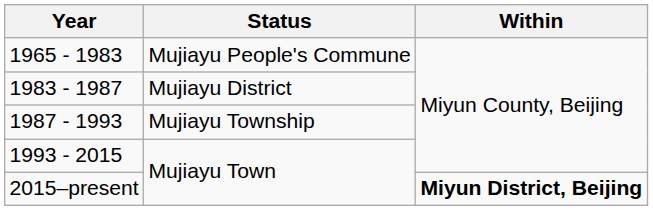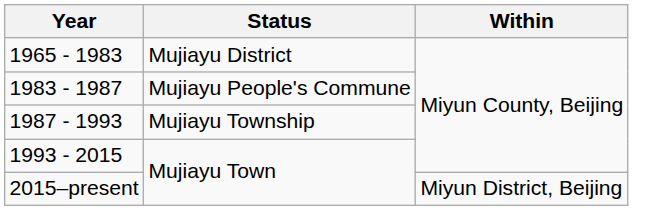 <table class="wikitable">
 <tr>
 <th>Year</th>
 <th>Status</th>
 <th>Within</th>
 </tr>
 <tr>
 <td>1965 - 1983</td>
-<td>Mujiayu People's Commune</td>
+<td>Mujiayu District</td>
 <td rowspan="4">Miyun County, Beijing</td>
 </tr>
 <tr>
 <td>1983 - 1987</td>
-<td>Mujiayu District</td>
+<td>Mujiayu People's Commune</td>
 </tr>
 <tr>
 <td>1987 - 1993</td>
 <td>Mujiayu Township</td>
 </tr>
 <tr>
 <td>1993 - 2015</td>
 <td rowspan="2">Mujiayu Town</td>
 </tr>
 <tr>
 <td>2015–present</td>
-<td><strong>Miyun District, Beijing</strong></td>
+<td>Miyun District, Beijing</td>
 </tr>
 </table>
